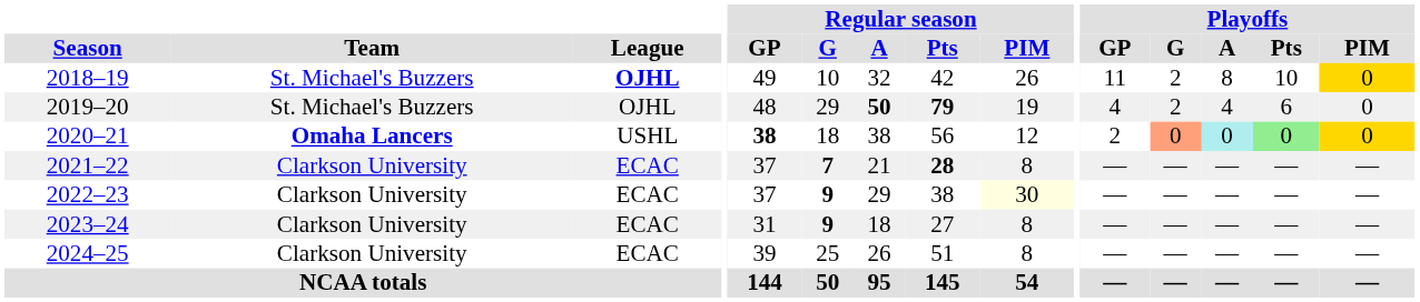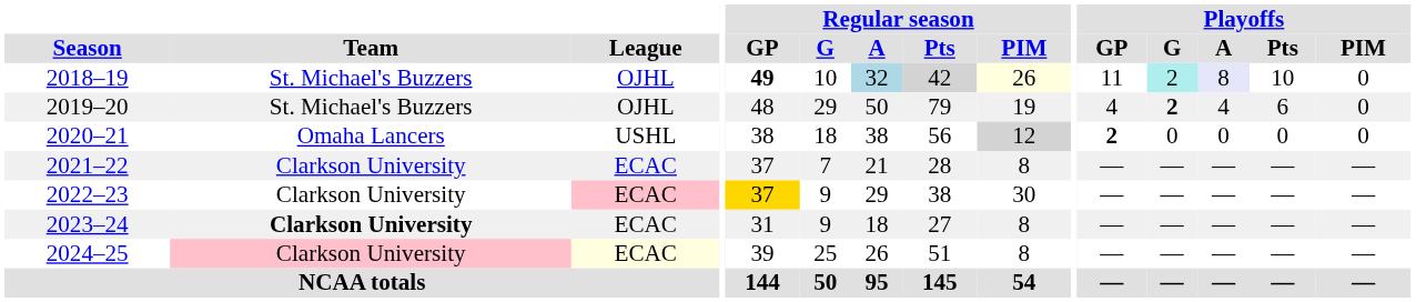 <table border="0" cellpadding="1" cellspacing="0" style="text-align:center; width:60em">
 <tr bgcolor="#e0e0e0">
 <th colspan="3" bgcolor="#ffffff"></th>
 <th rowspan="100" bgcolor="#ffffff"></th>
 <th colspan="5"><a href='#'>Regular season</a></th>
 <th rowspan="100" bgcolor="#ffffff"></th>
 <th colspan="5"><a href='#'>Playoffs</a></th>
 </tr>
 <tr bgcolor="#e0e0e0">
 <th><a href='#'>Season</a></th>
 <th>Team</th>
 <th>League</th>
 <th>GP</th>
 <th><a href='#'>G</a></th>
 <th><a href='#'>A</a></th>
 <th><a href='#'>Pts</a></th>
 <th><a href='#'>PIM</a></th>
 <th>GP</th>
 <th>G</th>
 <th>A</th>
 <th>Pts</th>
 <th>PIM</th>
 </tr>
 <tr>
 <td><a href='#'>2018–19</a></td>
 <td><a href='#'>St. Michael's Buzzers</a></td>
-<td><strong><a href='#'>OJHL</a></strong></td>
-<td>49</td>
+<td><a href='#'>OJHL</a></td>
+<td><strong>49</strong></td>
 <td>10</td>
-<td>32</td>
-<td>42</td>
-<td>26</td>
+<td style="background: lightblue;">32</td>
+<td style="background: lightgrey;">42</td>
+<td style="background: lightyellow;">26</td>
 <td>11</td>
-<td>2</td>
-<td>8</td>
+<td style="background: paleturquoise;">2</td>
+<td style="background: lavender;">8</td>
 <td>10</td>
-<td style="background: gold;">0</td>
+<td>0</td>
 </tr>
 <tr bgcolor="#f0f0f0">
 <td>2019–20</td>
 <td>St. Michael's Buzzers</td>
 <td>OJHL</td>
 <td>48</td>
 <td>29</td>
-<td><strong>50</strong></td>
-<td><strong>79</strong></td>
+<td>50</td>
+<td>79</td>
 <td>19</td>
 <td>4</td>
-<td>2</td>
+<td><strong>2</strong></td>
 <td>4</td>
 <td>6</td>
 <td>0</td>
 </tr>
 <tr>
 <td><a href='#'>2020–21</a></td>
-<td><strong><a href='#'>Omaha Lancers</a></strong></td>
+<td><a href='#'>Omaha Lancers</a></td>
 <td>USHL</td>
-<td><strong>38</strong></td>
+<td>38</td>
 <td>18</td>
 <td>38</td>
 <td>56</td>
-<td>12</td>
-<td>2</td>
-<td style="background: lightsalmon;">0</td>
-<td style="background: paleturquoise;">0</td>
-<td style="background: lightgreen;">0</td>
-<td style="background: gold;">0</td>
+<td style="background: lightgrey;">12</td>
+<td><strong>2</strong></td>
+<td>0</td>
+<td>0</td>
+<td>0</td>
+<td>0</td>
 </tr>
 <tr bgcolor="#f0f0f0">
 <td><a href='#'>2021–22</a></td>
 <td><a href='#'>Clarkson University</a></td>
 <td><a href='#'>ECAC</a></td>
 <td>37</td>
-<td><strong>7</strong></td>
+<td>7</td>
 <td>21</td>
-<td><strong>28</strong></td>
+<td>28</td>
 <td>8</td>
 <td>—</td>
 <td>—</td>
 <td>—</td>
 <td>—</td>
 <td>—</td>
 </tr>
 <tr>
 <td><a href='#'>2022–23</a></td>
 <td>Clarkson University</td>
-<td>ECAC</td>
-<td>37</td>
-<td><strong>9</strong></td>
+<td style="background: pink;">ECAC</td>
+<td style="background: gold;">37</td>
+<td>9</td>
 <td>29</td>
 <td>38</td>
-<td style="background: lightyellow;">30</td>
+<td>30</td>
 <td>—</td>
 <td>—</td>
 <td>—</td>
 <td>—</td>
 <td>—</td>
 </tr>
 <tr bgcolor="#f0f0f0">
 <td><a href='#'>2023–24</a></td>
-<td>Clarkson University</td>
+<td><strong>Clarkson University</strong></td>
 <td>ECAC</td>
 <td>31</td>
-<td><strong>9</strong></td>
+<td>9</td>
 <td>18</td>
 <td>27</td>
 <td>8</td>
 <td>—</td>
 <td>—</td>
 <td>—</td>
 <td>—</td>
 <td>—</td>
 </tr>
 <tr>
 <td><a href='#'>2024–25</a></td>
-<td>Clarkson University</td>
-<td>ECAC</td>
+<td style="background: pink;">Clarkson University</td>
+<td style="background: lightyellow;">ECAC</td>
 <td>39</td>
 <td>25</td>
 <td>26</td>
 <td>51</td>
 <td>8</td>
 <td>—</td>
 <td>—</td>
 <td>—</td>
 <td>—</td>
 <td>—</td>
 </tr>
 <tr bgcolor="#e0e0e0">
 <th colspan="3">NCAA totals</th>
 <th>144</th>
 <th>50</th>
 <th>95</th>
 <th>145</th>
 <th>54</th>
 <th>—</th>
 <th>—</th>
 <th>—</th>
 <th>—</th>
 <th>—</th>
 </tr>
 </table>
